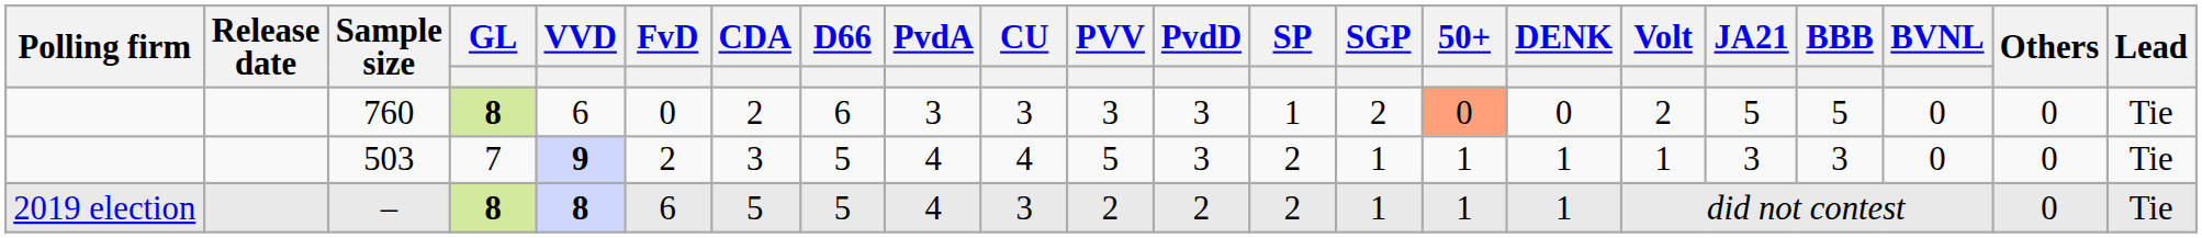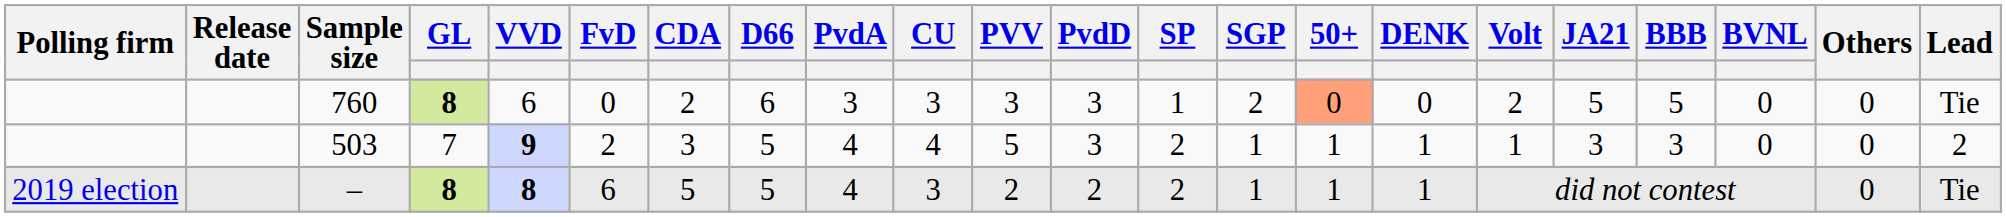 <table class="wikitable sortable tpl-blanktable" style="text-align:center;font-size:90%;line-height:14px;">
 <tr>
 <th rowspan="2">Polling firm</th>
 <th rowspan="2">Release<br>date</th>
 <th rowspan="2">Sample<br>size</th>
 <th class="unsortable" style="width:30px;"><a href='#'>GL</a></th>
 <th class="unsortable" style="width:30px;"><a href='#'>VVD</a></th>
 <th class="unsortable" style="width:30px;"><a href='#'>FvD</a></th>
 <th class="unsortable" style="width:30px;"><a href='#'>CDA</a></th>
 <th class="unsortable" style="width:30px;"><a href='#'>D66</a></th>
 <th class="unsortable" style="width:30px;"><a href='#'>PvdA</a></th>
 <th class="unsortable" style="width:30px;"><a href='#'>CU</a></th>
 <th class="unsortable" style="width:30px;"><a href='#'>PVV</a></th>
 <th class="unsortable" style="width:30px;"><a href='#'>PvdD</a></th>
 <th class="unsortable" style="width:30px;"><a href='#'>SP</a></th>
 <th class="unsortable" style="width:30px;"><a href='#'>SGP</a></th>
 <th class="unsortable" style="width:30px;"><a href='#'>50+</a></th>
 <th class="unsortable" style="width:30px;"><a href='#'>DENK</a></th>
 <th class="unsortable" style="width:30px;"><a href='#'>Volt</a></th>
 <th class="unsortable" style="width:30px;"><a href='#'>JA21</a></th>
 <th class="unsortable" style="width:30px;"><a href='#'>BBB</a></th>
 <th class="unsortable" style="width:30px;"><a href='#'>BVNL</a></th>
 <th class="unsortable" style="width:30px;" rowspan="2">Others</th>
 <th rowspan="2">Lead</th>
 </tr>
 <tr>
 <th data-sort-type="number" style="background:"></th>
 <th data-sort-type="number" style="background:"></th>
 <th data-sort-type="number" style="background:"></th>
 <th data-sort-type="number" style="background:"></th>
 <th data-sort-type="number" style="background:"></th>
 <th data-sort-type="number" style="background:"></th>
 <th data-sort-type="number" style="background:"></th>
 <th data-sort-type="number" style="background:"></th>
 <th data-sort-type="number" style="background:"></th>
 <th data-sort-type="number" style="background:"></th>
 <th data-sort-type="number" style="background:"></th>
 <th data-sort-type="number" style="background:"></th>
 <th data-sort-type="number" style="background:"></th>
 <th data-sort-type="number" style="background:"></th>
 <th data-sort-type="number" style="background:"></th>
 <th data-sort-type="number" style="background:"></th>
 <th data-sort-type="number" style="background:"></th>
 </tr>
 <tr>
 <td></td>
 <td></td>
 <td>760</td>
 <td style="background:#d3ea9e;"><strong>8</strong></td>
 <td>6</td>
 <td>0</td>
 <td>2</td>
 <td>6</td>
 <td>3</td>
 <td>3</td>
 <td>3</td>
 <td>3</td>
 <td>1</td>
 <td>2</td>
 <td style="background: lightsalmon;">0</td>
 <td>0</td>
 <td>2</td>
 <td>5</td>
 <td>5</td>
 <td>0</td>
 <td>0</td>
 <td>Tie</td>
 </tr>
 <tr>
 <td></td>
 <td></td>
 <td>503</td>
 <td>7</td>
 <td style="background:#CED7FD;"><strong>9</strong></td>
 <td>2</td>
 <td>3</td>
 <td>5</td>
 <td>4</td>
 <td>4</td>
 <td>5</td>
 <td>3</td>
 <td>2</td>
 <td>1</td>
 <td>1</td>
 <td>1</td>
 <td>1</td>
 <td>3</td>
 <td>3</td>
 <td>0</td>
 <td>0</td>
-<td>Tie</td>
+<td style="background:">2</td>
 </tr>
 <tr style="background:#E9E9E9;">
 <td><a href='#'>2019 election</a></td>
 <td></td>
 <td>–</td>
 <td style="background:#d3ea9e;"><strong>8</strong></td>
 <td style="background:#CED7FD;"><strong>8</strong></td>
 <td>6</td>
 <td>5</td>
 <td>5</td>
 <td>4</td>
 <td>3</td>
 <td>2</td>
 <td>2</td>
 <td>2</td>
 <td>1</td>
 <td>1</td>
 <td>1</td>
 <td colspan=4><em>did not contest</em></td>
 <td>0</td>
 <td>Tie</td>
 </tr>
 </table>
